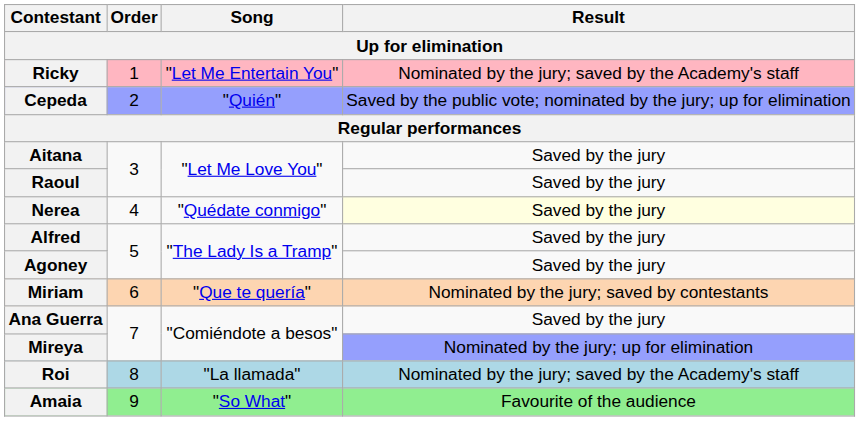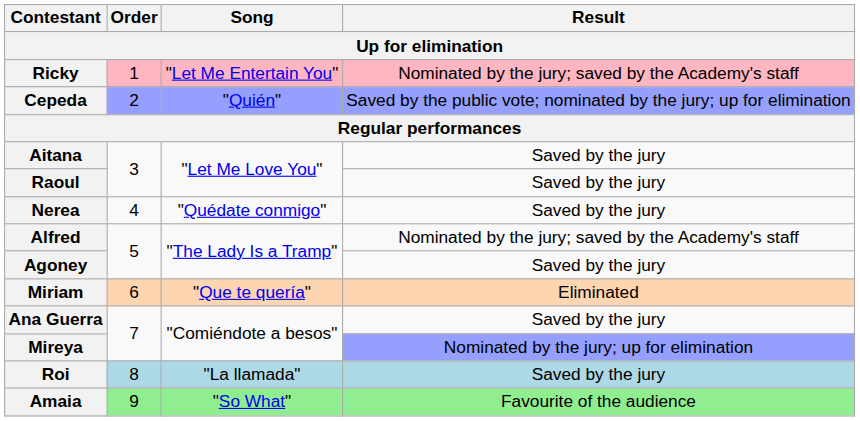 <table class="wikitable plainrowheaders" style="text-align:center;">
 <tr>
 <th scope="col">Contestant</th>
 <th scope="col">Order</th>
 <th scope="col">Song</th>
 <th scope="col">Result</th>
 </tr>
 <tr>
 <th colspan="4">Up for elimination</th>
 </tr>
 <tr style="background:lightpink">
 <th scope="row">Ricky</th>
 <td>1</td>
 <td>"<a href='#'>Let Me Entertain You</a>"</td>
 <td>Nominated by the jury; saved by the Academy's staff</td>
 </tr>
 <tr style="background:#959ffd;">
 <th scope="row">Cepeda</th>
 <td>2</td>
 <td>"<a href='#'>Quién</a>"</td>
 <td>Saved by the public vote; nominated by the jury; up for elimination</td>
 </tr>
 <tr>
 <th colspan="4">Regular performances</th>
 </tr>
 <tr>
 <th scope="row">Aitana</th>
 <td rowspan="2">3</td>
 <td rowspan="2">"<a href='#'>Let Me Love You</a>"</td>
 <td>Saved by the jury</td>
 </tr>
 <tr>
 <th scope="row">Raoul</th>
 <td>Saved by the jury</td>
 </tr>
 <tr>
 <th scope="row">Nerea</th>
 <td>4</td>
 <td>"<a href='#'>Quédate conmigo</a>"</td>
-<td style="background: lightyellow;">Saved by the jury</td>
+<td>Saved by the jury</td>
 </tr>
 <tr>
 <th scope="row">Alfred</th>
 <td rowspan="2">5</td>
 <td rowspan="2">"<a href='#'>The Lady Is a Tramp</a>"</td>
-<td>Saved by the jury</td>
+<td>Nominated by the jury; saved by the Academy's staff</td>
 </tr>
 <tr>
 <th scope="row">Agoney</th>
 <td>Saved by the jury</td>
 </tr>
 <tr style="background:#fdd5b1;">
 <th scope="row">Miriam</th>
 <td>6</td>
 <td>"<a href='#'>Que te quería</a>"</td>
-<td>Nominated by the jury; saved by contestants</td>
+<td>Eliminated</td>
 </tr>
 <tr>
 <th scope="row">Ana Guerra</th>
 <td rowspan="2">7</td>
 <td rowspan="2">"Comiéndote a besos"</td>
 <td>Saved by the jury</td>
 </tr>
 <tr>
 <th scope="row">Mireya</th>
 <td style="background:#959ffd;">Nominated by the jury; up for elimination</td>
 </tr>
 <tr style="background:lightblue">
 <th scope="row">Roi</th>
 <td>8</td>
 <td>"La llamada"</td>
-<td>Nominated by the jury; saved by the Academy's staff</td>
+<td>Saved by the jury</td>
 </tr>
 <tr style="background:lightgreen">
 <th scope="row">Amaia</th>
 <td>9</td>
 <td>"<a href='#'>So What</a>"</td>
 <td>Favourite of the audience</td>
 </tr>
 </table>
